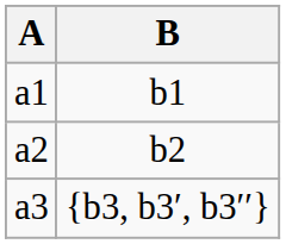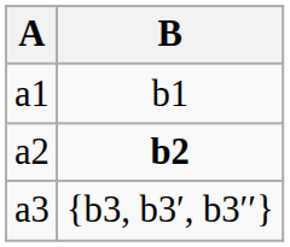 <table class="wikitable" border=1 align=center>
 <tr>
 <th>A</th>
 <th>B</th>
 </tr>
 <tr>
 <td align=center>a1</td>
 <td align=center>b1</td>
 </tr>
 <tr>
 <td align=center>a2</td>
-<td align=center>b2</td>
+<td align=center><strong>b2</strong></td>
 </tr>
 <tr>
 <td align=center>a3</td>
 <td align=center>{b3, b3′, b3′′}</td>
 </tr>
 </table>
